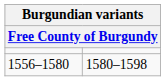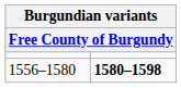 <table class="wikitable" style="margin-left: auto; margin-right: auto; border: none;">
 <tr>
 <th colspan="2">Burgundian variants</th>
 </tr>
 <tr>
 <th colspan="2"><a href='#'>Free County of Burgundy</a></th>
 </tr>
 <tr>
 <td align="center"></td>
 <td align="center"></td>
 </tr>
 <tr>
 <td>1556–1580</td>
-<td>1580–1598</td>
+<td><strong>1580–1598</strong></td>
 </tr>
 </table>
